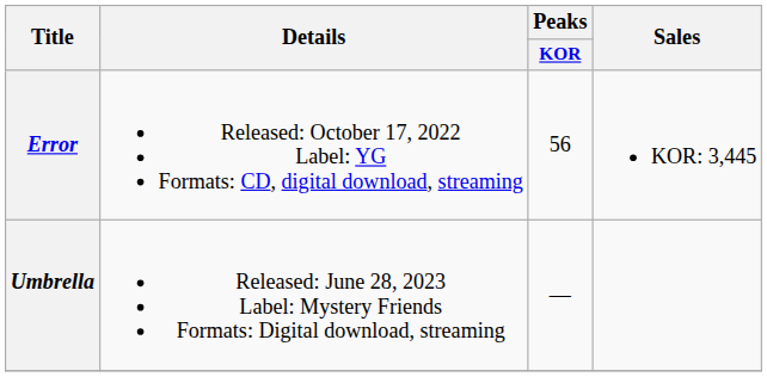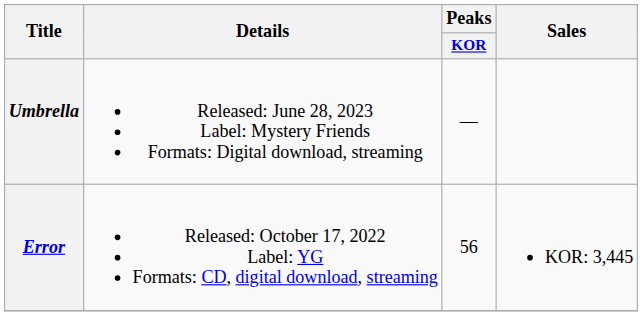 <table class="wikitable plainrowheaders" style="text-align:center;">
 <tr>
 <th scope="col" rowspan="2">Title</th>
 <th scope="col" rowspan="2">Details</th>
 <th scope="col" colspan="1">Peaks</th>
 <th scope="col" rowspan="2">Sales</th>
 </tr>
 <tr>
 <th scope="col" style="width:2.75em;font-size:85%;"><a href='#'>KOR</a><br></th>
 </tr>
 <tr>
+<th scope="row"><em>Umbrella</em><br><br></th>
+<td><br><ul><li>Released: June 28, 2023</li><li>Label: Mystery Friends</li><li>Formats: Digital download, streaming</li></ul></td>
+<td>—</td>
+<td></td>
+</tr>
+<tr>
 <th scope="row"><em><a href='#'>Error</a></em></th>
 <td><br><ul><li>Released: October 17, 2022</li><li>Label: <a href='#'>YG</a></li><li>Formats: <a href='#'>CD</a>, <a href='#'>digital download</a>, <a href='#'>streaming</a></li></ul></td>
 <td>56</td>
 <td><br><ul><li>KOR: 3,445</li></ul></td>
 </tr>
 <tr>
-<th scope="row"><em>Umbrella</em><br><br></th>
-<td><br><ul><li>Released: June 28, 2023</li><li>Label: Mystery Friends</li><li>Formats: Digital download, streaming</li></ul></td>
-<td>—</td>
-<td></td>
-</tr>
-<tr>
 </tr>
 </table>
